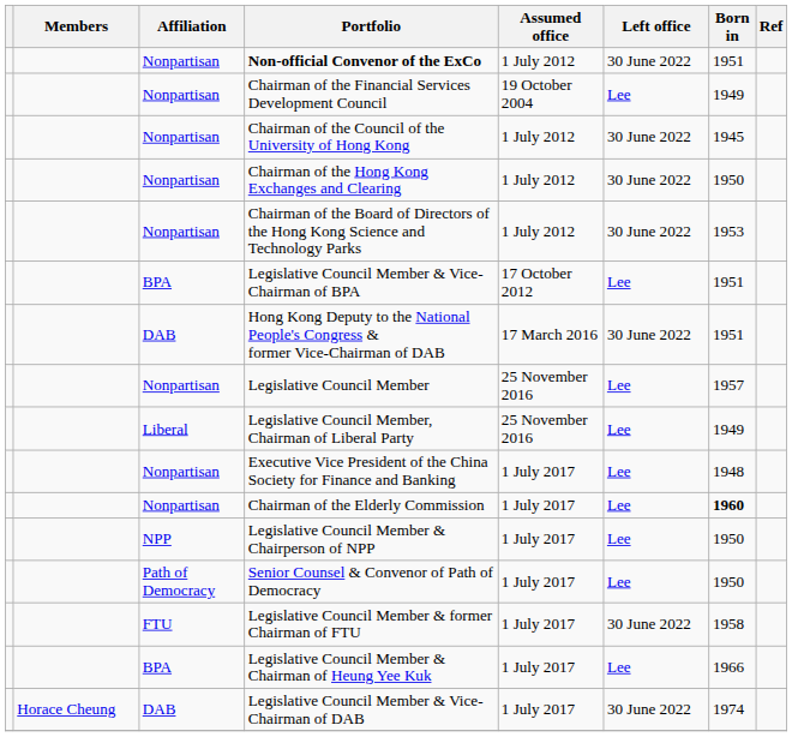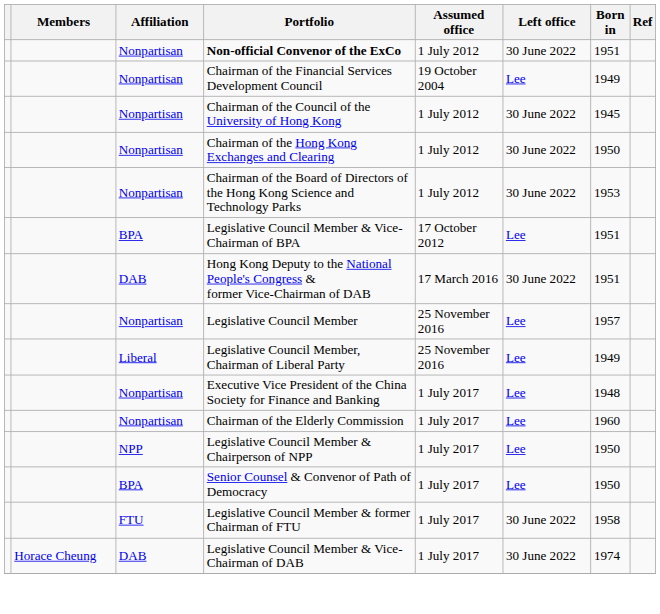 <table class="wikitable">
 <tr>
 <th width="1px" class="unsortable"></th>
 <th width="120px">Members</th>
 <th width="100px">Affiliation</th>
 <th width="250px">Portfolio</th>
 <th width="100px">Assumed office</th>
 <th width="100px">Left office</th>
 <th width="40px">Born in</th>
 <th width="5px" class="unsortable">Ref</th>
 </tr>
 <tr>
 <td style="color:inherit;background:"></td>
 <td></td>
 <td><a href='#'>Nonpartisan</a></td>
 <td><strong>Non-official Convenor of the ExCo</strong></td>
 <td>1 July 2012</td>
 <td>30 June 2022</td>
 <td>1951</td>
 <td></td>
 </tr>
 <tr>
 <td style="color:inherit;background:"></td>
 <td></td>
 <td><a href='#'>Nonpartisan</a></td>
 <td>Chairman of the Financial Services Development Council</td>
 <td>19 October 2004</td>
 <td><a href='#'>Lee</a></td>
 <td>1949</td>
 <td></td>
 </tr>
 <tr>
 <td style="color:inherit;background:"></td>
 <td></td>
 <td><a href='#'>Nonpartisan</a></td>
 <td>Chairman of the Council of the <a href='#'>University of Hong Kong</a></td>
 <td>1 July 2012</td>
 <td>30 June 2022</td>
 <td>1945</td>
 <td></td>
 </tr>
 <tr>
 <td style="color:inherit;background:"></td>
 <td></td>
 <td><a href='#'>Nonpartisan</a></td>
 <td>Chairman of the <a href='#'>Hong Kong Exchanges and Clearing</a></td>
 <td>1 July 2012</td>
 <td>30 June 2022</td>
 <td>1950</td>
 <td></td>
 </tr>
 <tr>
 <td style="color:inherit;background:"></td>
 <td></td>
 <td><a href='#'>Nonpartisan</a></td>
 <td>Chairman of the Board of Directors of the Hong Kong Science and Technology Parks</td>
 <td>1 July 2012</td>
 <td>30 June 2022</td>
 <td>1953</td>
 <td></td>
 </tr>
 <tr>
 <td style="color:inherit;background:"></td>
 <td></td>
 <td><a href='#'>BPA</a></td>
 <td>Legislative Council Member & Vice-Chairman of BPA</td>
 <td>17 October 2012</td>
 <td><a href='#'>Lee</a></td>
 <td>1951</td>
 <td></td>
 </tr>
 <tr>
 <td style="color:inherit;background:"></td>
 <td></td>
 <td><a href='#'>DAB</a></td>
 <td>Hong Kong Deputy to the <a href='#'>National People's Congress</a> &<br>former Vice-Chairman of DAB</td>
 <td>17 March 2016</td>
 <td>30 June 2022</td>
 <td>1951</td>
 <td></td>
 </tr>
 <tr>
 <td style="color:inherit;background:"></td>
 <td></td>
 <td><a href='#'>Nonpartisan</a></td>
 <td>Legislative Council Member</td>
 <td>25 November 2016</td>
 <td><a href='#'>Lee</a></td>
 <td>1957</td>
 <td></td>
 </tr>
 <tr>
 <td style="color:inherit;background:"></td>
 <td></td>
 <td><a href='#'>Liberal</a></td>
 <td>Legislative Council Member, Chairman of Liberal Party</td>
 <td>25 November 2016</td>
 <td><a href='#'>Lee</a></td>
 <td>1949</td>
 <td></td>
 </tr>
 <tr>
 <td style="color:inherit;background:"></td>
 <td></td>
 <td><a href='#'>Nonpartisan</a></td>
 <td>Executive Vice President of the China Society for Finance and Banking</td>
 <td>1 July 2017</td>
 <td><a href='#'>Lee</a></td>
 <td>1948</td>
 <td></td>
 </tr>
 <tr>
 <td style="color:inherit;background:"></td>
 <td></td>
 <td><a href='#'>Nonpartisan</a></td>
 <td>Chairman of the Elderly Commission</td>
 <td>1 July 2017</td>
 <td><a href='#'>Lee</a></td>
-<td><strong>1960</strong></td>
+<td>1960</td>
 <td></td>
 </tr>
 <tr>
 <td style="color:inherit;background:"></td>
 <td></td>
 <td><a href='#'>NPP</a></td>
 <td>Legislative Council Member & Chairperson of NPP</td>
 <td>1 July 2017</td>
 <td><a href='#'>Lee</a></td>
 <td>1950</td>
 <td></td>
 </tr>
 <tr>
 <td style="color:inherit;background:"></td>
 <td></td>
-<td><a href='#'>Path of Democracy</a></td>
+<td><a href='#'>BPA</a></td>
 <td><a href='#'>Senior Counsel</a> & Convenor of Path of Democracy</td>
 <td>1 July 2017</td>
 <td><a href='#'>Lee</a></td>
 <td>1950</td>
 <td></td>
 </tr>
 <tr>
 <td style="color:inherit;background:"></td>
 <td></td>
 <td><a href='#'>FTU</a></td>
 <td>Legislative Council Member & former Chairman of FTU</td>
 <td>1 July 2017</td>
 <td>30 June 2022</td>
 <td>1958</td>
 <td></td>
 </tr>
 <tr>
 <td style="color:inherit;background:"></td>
-<td></td>
-<td><a href='#'>BPA</a></td>
-<td>Legislative Council Member & Chairman of <a href='#'>Heung Yee Kuk</a></td>
-<td>1 July 2017</td>
-<td><a href='#'>Lee</a></td>
-<td>1966</td>
-<td></td>
-</tr>
-<tr>
-<td style="color:inherit;background:"></td>
 <td><a href='#'>Horace Cheung</a></td>
 <td><a href='#'>DAB</a></td>
 <td>Legislative Council Member & Vice-Chairman of DAB</td>
 <td>1 July 2017</td>
 <td>30 June 2022</td>
 <td>1974</td>
 <td></td>
 </tr>
 <tr>
 </tr>
 </table>
